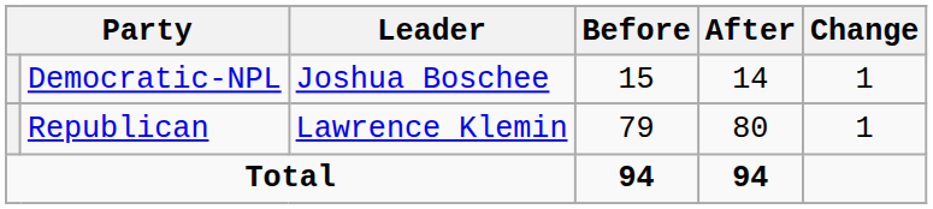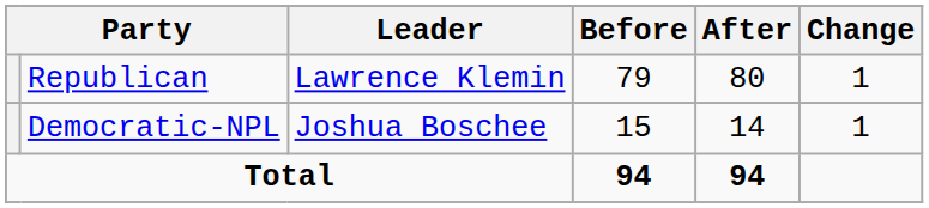 <table class="wikitable" style="text-align:center;">
 <tr>
 </tr>
 <tr>
 <th colspan=2>Party</th>
 <th>Leader</th>
 <th>Before</th>
 <th>After</th>
 <th>Change</th>
 </tr>
 <tr>
 <th style="background-color:"></th>
+<td style="text-align:left;"><a href='#'>Republican</a></td>
+<td style="text-align:left;"><a href='#'>Lawrence Klemin</a></td>
+<td>79</td>
+<td>80</td>
+<td> 1</td>
+</tr>
+<tr>
+<th style="background-color:"></th>
 <td style="text-align:left;"><a href='#'>Democratic-NPL</a></td>
 <td style="text-align:left;"><a href='#'>Joshua Boschee</a></td>
 <td>15</td>
 <td>14</td>
-<td> 1</td>
-</tr>
-<tr>
-<th style="background-color:"></th>
-<td style="text-align:left;"><a href='#'>Republican</a></td>
-<td style="text-align:left;"><a href='#'>Lawrence Klemin</a></td>
-<td>79</td>
-<td>80</td>
 <td> 1</td>
 </tr>
 <tr>
 <td colspan=3><strong>Total</strong></td>
 <td><strong>94</strong></td>
 <td><strong>94</strong></td>
 <td></td>
 </tr>
 </table>
